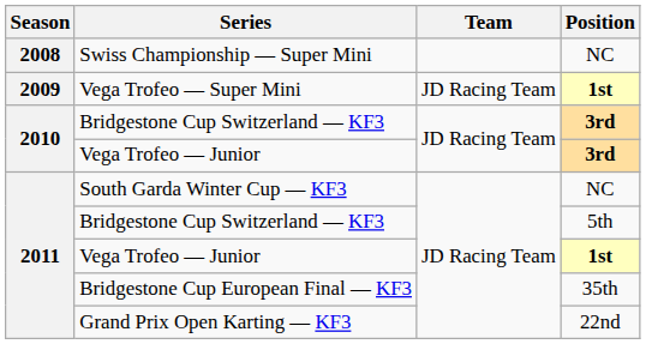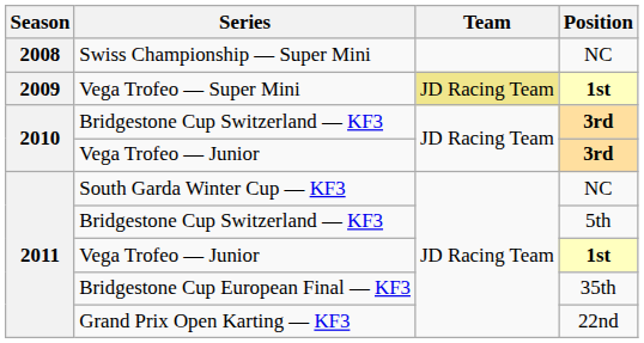 <table class="wikitable" style="font-size: 85%; text-align:center">
 <tr>
 <th>Season</th>
 <th>Series</th>
 <th>Team</th>
 <th>Position</th>
 </tr>
 <tr>
 <th>2008</th>
 <td align="left">Swiss Championship — Super Mini</td>
 <td align="left"></td>
 <td>NC</td>
 </tr>
 <tr>
 <th>2009</th>
 <td align="left">Vega Trofeo — Super Mini</td>
-<td align="left">JD Racing Team</td>
+<td align="left" style="background: khaki;">JD Racing Team</td>
 <td style="background:#FFFFBF;"><strong>1st</strong></td>
 </tr>
 <tr>
 <th rowspan="2">2010</th>
 <td align="left">Bridgestone Cup Switzerland — <a href='#'>KF3</a></td>
 <td rowspan="2"  align="left">JD Racing Team</td>
 <td style="background:#FFDF9F;"><strong>3rd</strong></td>
 </tr>
 <tr>
 <td align="left">Vega Trofeo — Junior</td>
 <td style="background:#FFDF9F;"><strong>3rd</strong></td>
 </tr>
 <tr>
 <th rowspan="5">2011</th>
 <td align="left">South Garda Winter Cup — <a href='#'>KF3</a></td>
 <td rowspan="5"  align="left">JD Racing Team</td>
 <td>NC</td>
 </tr>
 <tr>
 <td align="left">Bridgestone Cup Switzerland — <a href='#'>KF3</a></td>
 <td>5th</td>
 </tr>
 <tr>
 <td align="left">Vega Trofeo — Junior</td>
 <td style="background:#FFFFBF;"><strong>1st</strong></td>
 </tr>
 <tr>
 <td align="left">Bridgestone Cup European Final — <a href='#'>KF3</a></td>
 <td>35th</td>
 </tr>
 <tr>
 <td align="left">Grand Prix Open Karting — <a href='#'>KF3</a></td>
 <td>22nd</td>
 </tr>
 </table>
